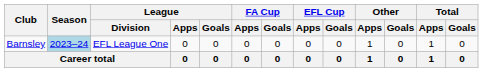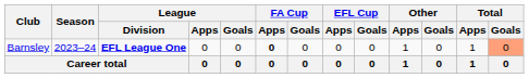 <table class="wikitable" style="text-align:center;">
 <tr>
 <th rowspan="2">Club</th>
 <th rowspan="2">Season</th>
 <th colspan="3">League</th>
 <th colspan="2"><a href='#'>FA Cup</a></th>
 <th colspan="2"><a href='#'>EFL Cup</a></th>
 <th colspan="2">Other</th>
 <th colspan="2">Total</th>
 </tr>
 <tr>
 <th>Division</th>
 <th>Apps</th>
 <th>Goals</th>
 <th>Apps</th>
 <th>Goals</th>
 <th>Apps</th>
 <th>Goals</th>
 <th>Apps</th>
 <th>Goals</th>
 <th>Apps</th>
 <th>Goals</th>
 </tr>
 <tr>
 <td><a href='#'>Barnsley</a></td>
-<td style="background: lightblue;"><a href='#'>2023–24</a></td>
-<td><a href='#'>EFL League One</a></td>
+<td><a href='#'>2023–24</a></td>
+<td><strong><a href='#'>EFL League One</a></strong></td>
 <td>0</td>
 <td>0</td>
-<td>0</td>
+<td><strong>0</strong></td>
 <td>0</td>
 <td>0</td>
 <td>0</td>
 <td>1</td>
 <td>0</td>
 <td>1</td>
-<td>0</td>
+<td style="background: lightsalmon;">0</td>
 </tr>
 <tr>
 <th colspan="3">Career total</th>
 <th>0</th>
 <th>0</th>
 <th>0</th>
 <th>0</th>
 <th>0</th>
 <th>0</th>
 <th>1</th>
 <th>0</th>
 <th>1</th>
 <th>0</th>
 </tr>
 </table>
